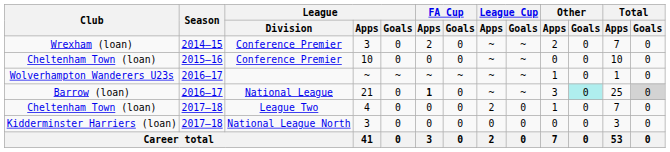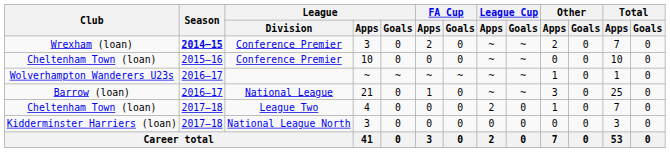 <table class="wikitable" style="text-align:center">
 <tr>
 <th rowspan="2">Club</th>
 <th rowspan="2">Season</th>
 <th colspan="3">League</th>
 <th colspan="2"><a href='#'>FA Cup</a></th>
 <th colspan="2"><a href='#'>League Cup</a></th>
 <th colspan="2">Other</th>
 <th colspan="2">Total</th>
 </tr>
 <tr>
 <th>Division</th>
 <th>Apps</th>
 <th>Goals</th>
 <th>Apps</th>
 <th>Goals</th>
 <th>Apps</th>
 <th>Goals</th>
 <th>Apps</th>
 <th>Goals</th>
 <th>Apps</th>
 <th>Goals</th>
 </tr>
 <tr>
 <td><a href='#'>Wrexham</a> (loan)</td>
-<td><a href='#'>2014–15</a></td>
+<td><strong><a href='#'>2014–15</a></strong></td>
 <td><a href='#'>Conference Premier</a></td>
 <td>3</td>
 <td>0</td>
 <td>2</td>
 <td>0</td>
 <td>~</td>
 <td>~</td>
 <td>2</td>
 <td>0</td>
 <td>7</td>
 <td>0</td>
 </tr>
 <tr>
 <td><a href='#'>Cheltenham Town</a> (loan)</td>
 <td><a href='#'>2015–16</a></td>
 <td><a href='#'>Conference Premier</a></td>
 <td>10</td>
 <td>0</td>
 <td>0</td>
 <td>0</td>
 <td>~</td>
 <td>~</td>
 <td>0</td>
 <td>0</td>
 <td>10</td>
 <td>0</td>
 </tr>
 <tr>
 <td><a href='#'>Wolverhampton Wanderers U23s</a></td>
 <td><a href='#'>2016–17</a></td>
 <td></td>
 <td>~</td>
 <td>~</td>
 <td>~</td>
 <td>~</td>
 <td>~</td>
 <td>~</td>
 <td>1</td>
 <td>0</td>
 <td>1</td>
 <td>0</td>
 </tr>
 <tr>
 <td><a href='#'>Barrow</a> (loan)</td>
 <td><a href='#'>2016–17</a></td>
 <td><a href='#'>National League</a></td>
 <td>21</td>
 <td>0</td>
-<td><strong>1</strong></td>
+<td>1</td>
 <td>0</td>
 <td>~</td>
 <td>~</td>
 <td>3</td>
-<td style="background: paleturquoise;">0</td>
+<td>0</td>
 <td>25</td>
-<td style="background: lightgrey;">0</td>
+<td>0</td>
 </tr>
 <tr>
 <td><a href='#'>Cheltenham Town</a> (loan)</td>
 <td><a href='#'>2017–18</a></td>
 <td><a href='#'>League Two</a></td>
 <td>4</td>
 <td>0</td>
 <td>0</td>
 <td>0</td>
 <td>2</td>
 <td>0</td>
 <td>1</td>
 <td>0</td>
 <td>7</td>
 <td>0</td>
 </tr>
 <tr>
 <td><a href='#'>Kidderminster Harriers</a> (loan)</td>
 <td><a href='#'>2017–18</a></td>
 <td><a href='#'>National League North</a></td>
 <td>3</td>
 <td>0</td>
 <td>0</td>
 <td>0</td>
 <td>0</td>
 <td>0</td>
 <td>0</td>
 <td>0</td>
 <td>3</td>
 <td>0</td>
 </tr>
 <tr>
 <th colspan="3">Career total</th>
 <th>41</th>
 <th>0</th>
 <th>3</th>
 <th>0</th>
 <th>2</th>
 <th>0</th>
 <th>7</th>
 <th>0</th>
 <th>53</th>
 <th>0</th>
 </tr>
 </table>
